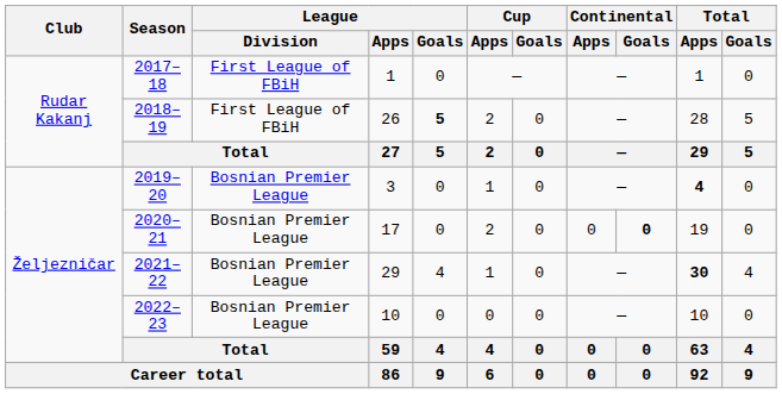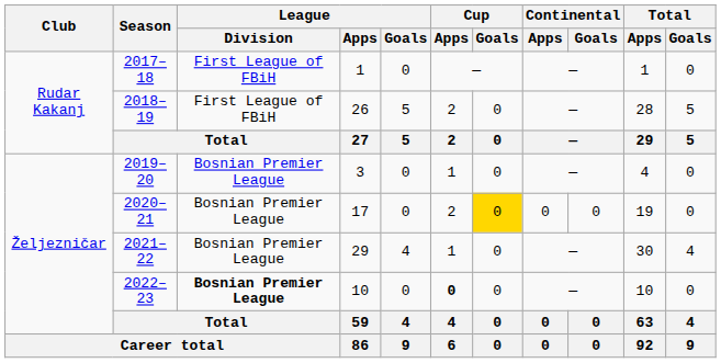 <table class=wikitable style="text-align: center;font-size:95%">
 <tr>
 <th rowspan=2>Club</th>
 <th rowspan=2>Season</th>
 <th colspan=3>League</th>
 <th colspan=2>Cup</th>
 <th colspan=2>Continental</th>
 <th colspan=2>Total</th>
 </tr>
 <tr>
 <th>Division</th>
 <th>Apps</th>
 <th>Goals</th>
 <th>Apps</th>
 <th>Goals</th>
 <th>Apps</th>
 <th>Goals</th>
 <th>Apps</th>
 <th>Goals</th>
 </tr>
 <tr>
 <td rowspan=3><a href='#'>Rudar Kakanj</a></td>
 <td><a href='#'>2017–18</a></td>
 <td><a href='#'>First League of FBiH</a></td>
 <td>1</td>
 <td>0</td>
 <td colspan=2>—</td>
 <td colspan=2>—</td>
 <td>1</td>
 <td>0</td>
 </tr>
 <tr>
 <td><a href='#'>2018–19</a></td>
 <td>First League of FBiH</td>
 <td>26</td>
-<td><strong>5</strong></td>
+<td>5</td>
 <td>2</td>
 <td>0</td>
 <td colspan=2>—</td>
 <td>28</td>
 <td>5</td>
 </tr>
 <tr>
 <th colspan=2>Total</th>
 <th>27</th>
 <th>5</th>
 <th>2</th>
 <th>0</th>
 <th colspan=2>—</th>
 <th>29</th>
 <th>5</th>
 </tr>
 <tr>
 <td rowspan=5><a href='#'>Željezničar</a></td>
 <td><a href='#'>2019–20</a></td>
 <td><a href='#'>Bosnian Premier League</a></td>
 <td>3</td>
 <td>0</td>
 <td>1</td>
 <td>0</td>
 <td colspan=2>—</td>
-<td><strong>4</strong></td>
+<td>4</td>
 <td>0</td>
 </tr>
 <tr>
 <td><a href='#'>2020–21</a></td>
 <td>Bosnian Premier League</td>
 <td>17</td>
 <td>0</td>
 <td>2</td>
+<td style="background: gold;">0</td>
 <td>0</td>
 <td>0</td>
-<td><strong>0</strong></td>
 <td>19</td>
 <td>0</td>
 </tr>
 <tr>
 <td><a href='#'>2021–22</a></td>
 <td>Bosnian Premier League</td>
 <td>29</td>
 <td>4</td>
 <td>1</td>
 <td>0</td>
 <td colspan=2>—</td>
-<td><strong>30</strong></td>
+<td>30</td>
 <td>4</td>
 </tr>
 <tr>
 <td><a href='#'>2022–23</a></td>
-<td>Bosnian Premier League</td>
+<td><strong>Bosnian Premier League</strong></td>
 <td>10</td>
 <td>0</td>
-<td>0</td>
+<td><strong>0</strong></td>
 <td>0</td>
 <td colspan=2>—</td>
 <td>10</td>
 <td>0</td>
 </tr>
 <tr>
 <th colspan=2>Total</th>
 <th>59</th>
 <th>4</th>
 <th>4</th>
 <th>0</th>
 <th>0</th>
 <th>0</th>
 <th>63</th>
 <th>4</th>
 </tr>
 <tr>
 <th colspan=3>Career total</th>
 <th>86</th>
 <th>9</th>
 <th>6</th>
 <th>0</th>
 <th>0</th>
 <th>0</th>
 <th>92</th>
 <th>9</th>
 </tr>
 </table>
